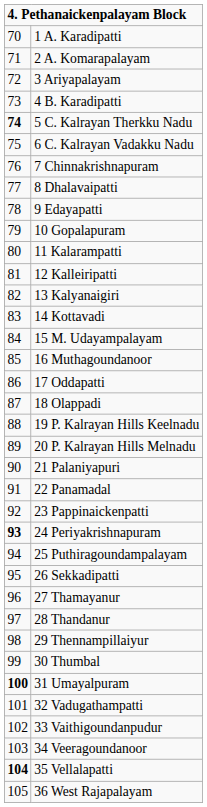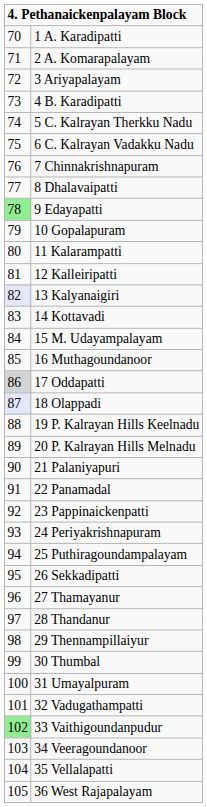 <table class="wikitable">
 <tr>
 <td colspan="2"><strong>4. Pethanaickenpalayam Block</strong></td>
 </tr>
 <tr>
 <td>70</td>
 <td>1 A. Karadipatti</td>
 </tr>
 <tr>
 <td>71</td>
 <td>2 A. Komarapalayam</td>
 </tr>
 <tr>
 <td>72</td>
 <td>3 Ariyapalayam</td>
 </tr>
 <tr>
 <td>73</td>
 <td>4 B. Karadipatti</td>
 </tr>
 <tr>
-<td><strong>74</strong></td>
+<td>74</td>
 <td>5 C. Kalrayan Therkku Nadu</td>
 </tr>
 <tr>
 <td>75</td>
 <td>6 C. Kalrayan Vadakku Nadu</td>
 </tr>
 <tr>
 <td>76</td>
 <td>7 Chinnakrishnapuram</td>
 </tr>
 <tr>
 <td>77</td>
 <td>8 Dhalavaipatti</td>
 </tr>
 <tr>
-<td>78</td>
+<td style="background: lightgreen;">78</td>
 <td>9 Edayapatti</td>
 </tr>
 <tr>
 <td>79</td>
 <td>10 Gopalapuram</td>
 </tr>
 <tr>
 <td>80</td>
 <td>11 Kalarampatti</td>
 </tr>
 <tr>
 <td>81</td>
 <td>12 Kalleiripatti</td>
 </tr>
 <tr>
-<td>82</td>
+<td style="background: lavender;">82</td>
 <td>13 Kalyanaigiri</td>
 </tr>
 <tr>
 <td>83</td>
 <td>14 Kottavadi</td>
 </tr>
 <tr>
 <td>84</td>
 <td>15 M. Udayampalayam</td>
 </tr>
 <tr>
 <td>85</td>
 <td>16 Muthagoundanoor</td>
 </tr>
 <tr>
-<td>86</td>
+<td style="background: lightgrey;">86</td>
 <td>17 Oddapatti</td>
 </tr>
 <tr>
-<td>87</td>
+<td style="background: lavender;">87</td>
 <td>18 Olappadi</td>
 </tr>
 <tr>
 <td>88</td>
 <td>19 P. Kalrayan Hills Keelnadu</td>
 </tr>
 <tr>
 <td>89</td>
 <td>20 P. Kalrayan Hills Melnadu</td>
 </tr>
 <tr>
 <td>90</td>
 <td>21 Palaniyapuri</td>
 </tr>
 <tr>
 <td>91</td>
 <td>22 Panamadal</td>
 </tr>
 <tr>
 <td>92</td>
 <td>23 Pappinaickenpatti</td>
 </tr>
 <tr>
-<td><strong>93</strong></td>
+<td>93</td>
 <td>24 Periyakrishnapuram</td>
 </tr>
 <tr>
 <td>94</td>
 <td>25 Puthiragoundampalayam</td>
 </tr>
 <tr>
 <td>95</td>
 <td>26 Sekkadipatti</td>
 </tr>
 <tr>
 <td>96</td>
 <td>27 Thamayanur</td>
 </tr>
 <tr>
 <td>97</td>
 <td>28 Thandanur</td>
 </tr>
 <tr>
 <td>98</td>
 <td>29 Thennampillaiyur</td>
 </tr>
 <tr>
 <td>99</td>
 <td>30 Thumbal</td>
 </tr>
 <tr>
-<td><strong>100</strong></td>
+<td>100</td>
 <td>31 Umayalpuram</td>
 </tr>
 <tr>
 <td>101</td>
 <td>32 Vadugathampatti</td>
 </tr>
 <tr>
-<td>102</td>
+<td style="background: lightgreen;">102</td>
 <td>33 Vaithigoundanpudur</td>
 </tr>
 <tr>
 <td>103</td>
 <td>34 Veeragoundanoor</td>
 </tr>
 <tr>
-<td><strong>104</strong></td>
+<td>104</td>
 <td>35 Vellalapatti</td>
 </tr>
 <tr>
 <td>105</td>
 <td>36 West Rajapalayam</td>
 </tr>
 </table>
